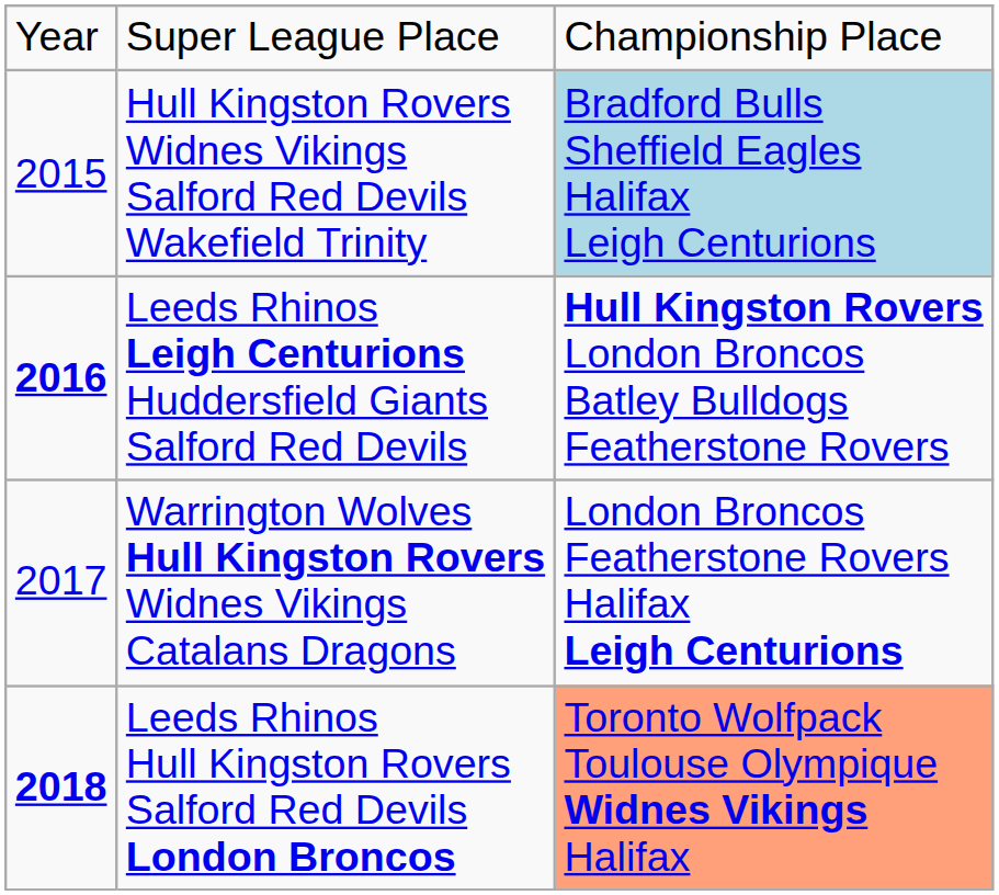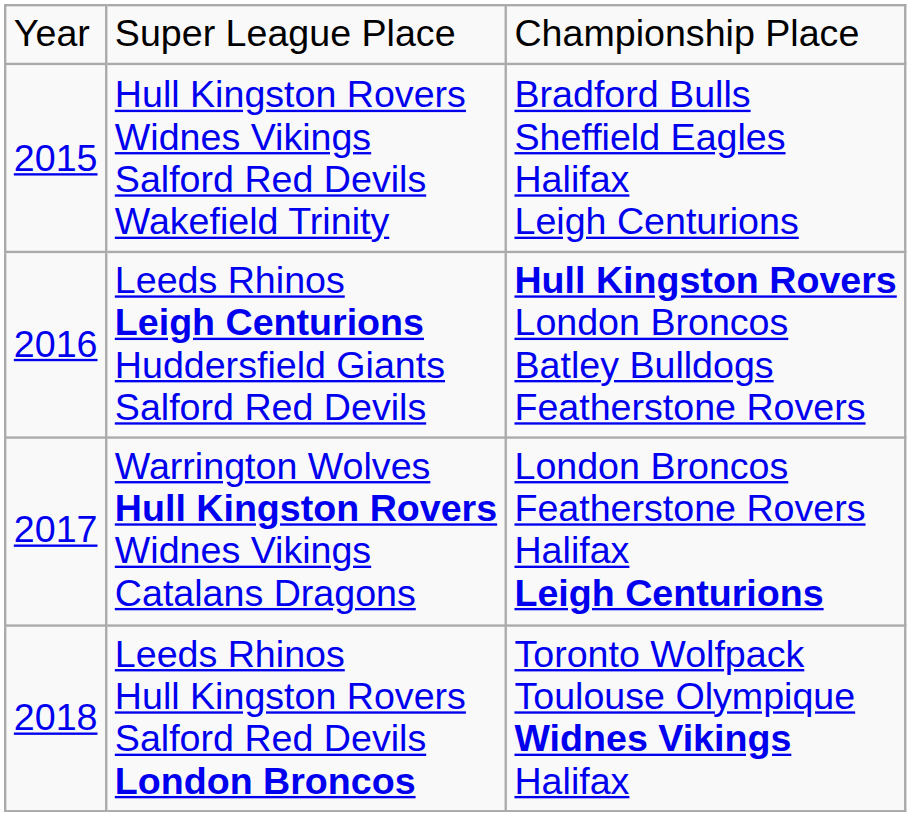 <table class="wikitable" style="text-align:left;">
 <tr>
 <td>Year</td>
 <td>Super League Place</td>
 <td>Championship Place</td>
 </tr>
 <tr>
 <td><a href='#'>2015</a></td>
 <td> <a href='#'>Hull Kingston Rovers</a><br> <a href='#'>Widnes Vikings</a><br> <a href='#'>Salford Red Devils</a><br> <a href='#'>Wakefield Trinity</a></td>
-<td style="background: lightblue;"> <a href='#'>Bradford Bulls</a><br> <a href='#'>Sheffield Eagles</a><br> <a href='#'>Halifax</a><br> <a href='#'>Leigh Centurions</a></td>
+<td> <a href='#'>Bradford Bulls</a><br> <a href='#'>Sheffield Eagles</a><br> <a href='#'>Halifax</a><br> <a href='#'>Leigh Centurions</a></td>
 </tr>
 <tr>
-<td><strong><a href='#'>2016</a></strong></td>
+<td><a href='#'>2016</a></td>
 <td> <a href='#'>Leeds Rhinos</a><br> <strong><a href='#'>Leigh Centurions</a></strong><br> <a href='#'>Huddersfield Giants</a><br> <a href='#'>Salford Red Devils</a></td>
 <td> <strong><a href='#'>Hull Kingston Rovers</a></strong><br> <a href='#'>London Broncos</a><br> <a href='#'>Batley Bulldogs</a><br> <a href='#'>Featherstone Rovers</a></td>
 </tr>
 <tr>
 <td><a href='#'>2017</a></td>
 <td> <a href='#'>Warrington Wolves</a><br> <strong><a href='#'>Hull Kingston Rovers</a></strong><br> <a href='#'>Widnes Vikings</a><br> <a href='#'>Catalans Dragons</a></td>
 <td> <a href='#'>London Broncos</a><br> <a href='#'>Featherstone Rovers</a><br> <a href='#'>Halifax</a><br> <strong><a href='#'>Leigh Centurions</a></strong></td>
 </tr>
 <tr>
-<td><strong><a href='#'>2018</a></strong></td>
+<td><a href='#'>2018</a></td>
 <td> <a href='#'>Leeds Rhinos</a><br> <a href='#'>Hull Kingston Rovers</a><br> <a href='#'>Salford Red Devils</a><br><strong> <a href='#'>London Broncos</a></strong></td>
-<td style="background: lightsalmon;"> <a href='#'>Toronto Wolfpack</a><br> <a href='#'>Toulouse Olympique</a><br><strong> <a href='#'>Widnes Vikings</a></strong><br> <a href='#'>Halifax</a></td>
+<td> <a href='#'>Toronto Wolfpack</a><br> <a href='#'>Toulouse Olympique</a><br><strong> <a href='#'>Widnes Vikings</a></strong><br> <a href='#'>Halifax</a></td>
 </tr>
 </table>
